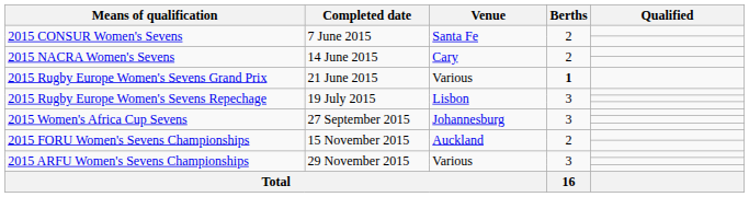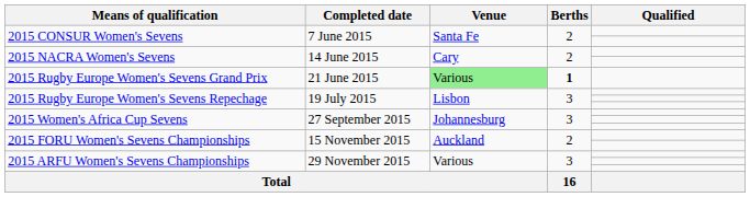 <table class="wikitable" width=900>
 <tr>
 <th width=41%>Means of qualification</th>
 <th width=17%>Completed date</th>
 <th width=16%>Venue</th>
 <th width=5%>Berths</th>
 <th width=21%>Qualified</th>
 </tr>
 <tr>
 <td rowspan="2"><a href='#'>2015 CONSUR Women's Sevens</a></td>
 <td rowspan="2">7 June 2015</td>
 <td rowspan="2"> <a href='#'>Santa Fe</a></td>
 <td rowspan="2" align=center>2</td>
 <td></td>
 </tr>
 <tr>
 <td></td>
 </tr>
 <tr>
 <td rowspan="2"><a href='#'>2015 NACRA Women's Sevens</a></td>
 <td rowspan="2">14 June 2015</td>
 <td rowspan="2"> <a href='#'>Cary</a></td>
 <td rowspan="2" align=center>2</td>
 <td></td>
 </tr>
 <tr>
 <td></td>
 </tr>
 <tr>
 <td><a href='#'>2015 Rugby Europe Women's Sevens Grand Prix</a></td>
 <td>21 June 2015</td>
-<td>Various</td>
+<td style="background: lightgreen;">Various</td>
 <td align=center><strong>1</strong></td>
 <td></td>
 </tr>
 <tr>
 <td rowspan="3"><a href='#'>2015 Rugby Europe Women's Sevens Repechage</a></td>
 <td rowspan="3">19 July 2015</td>
 <td rowspan="3"> <a href='#'>Lisbon</a></td>
 <td rowspan="3" align=center>3</td>
 <td></td>
 </tr>
 <tr>
 <td></td>
 </tr>
 <tr>
 <td></td>
 </tr>
 <tr>
 <td rowspan="3"><a href='#'>2015 Women's Africa Cup Sevens</a></td>
 <td rowspan="3">27 September 2015</td>
 <td rowspan="3"> <a href='#'>Johannesburg</a></td>
 <td rowspan="3" align=center>3</td>
 <td></td>
 </tr>
 <tr>
 <td></td>
 </tr>
 <tr>
 <td></td>
 </tr>
 <tr>
 <td rowspan="2"><a href='#'>2015 FORU Women's Sevens Championships</a></td>
 <td rowspan="2">15 November 2015</td>
 <td rowspan="2"> <a href='#'>Auckland</a></td>
 <td rowspan="2" align=center>2</td>
 <td></td>
 </tr>
 <tr>
 <td></td>
 </tr>
 <tr>
 <td rowspan="3"><a href='#'>2015 ARFU Women's Sevens Championships</a></td>
 <td rowspan="3">29 November 2015</td>
 <td rowspan="3">Various</td>
 <td rowspan="3" align=center>3</td>
 <td></td>
 </tr>
 <tr>
 <td></td>
 </tr>
 <tr>
 <td></td>
 </tr>
 <tr>
 <th colspan=3>Total</th>
 <th>16</th>
 <th></th>
 </tr>
 </table>
